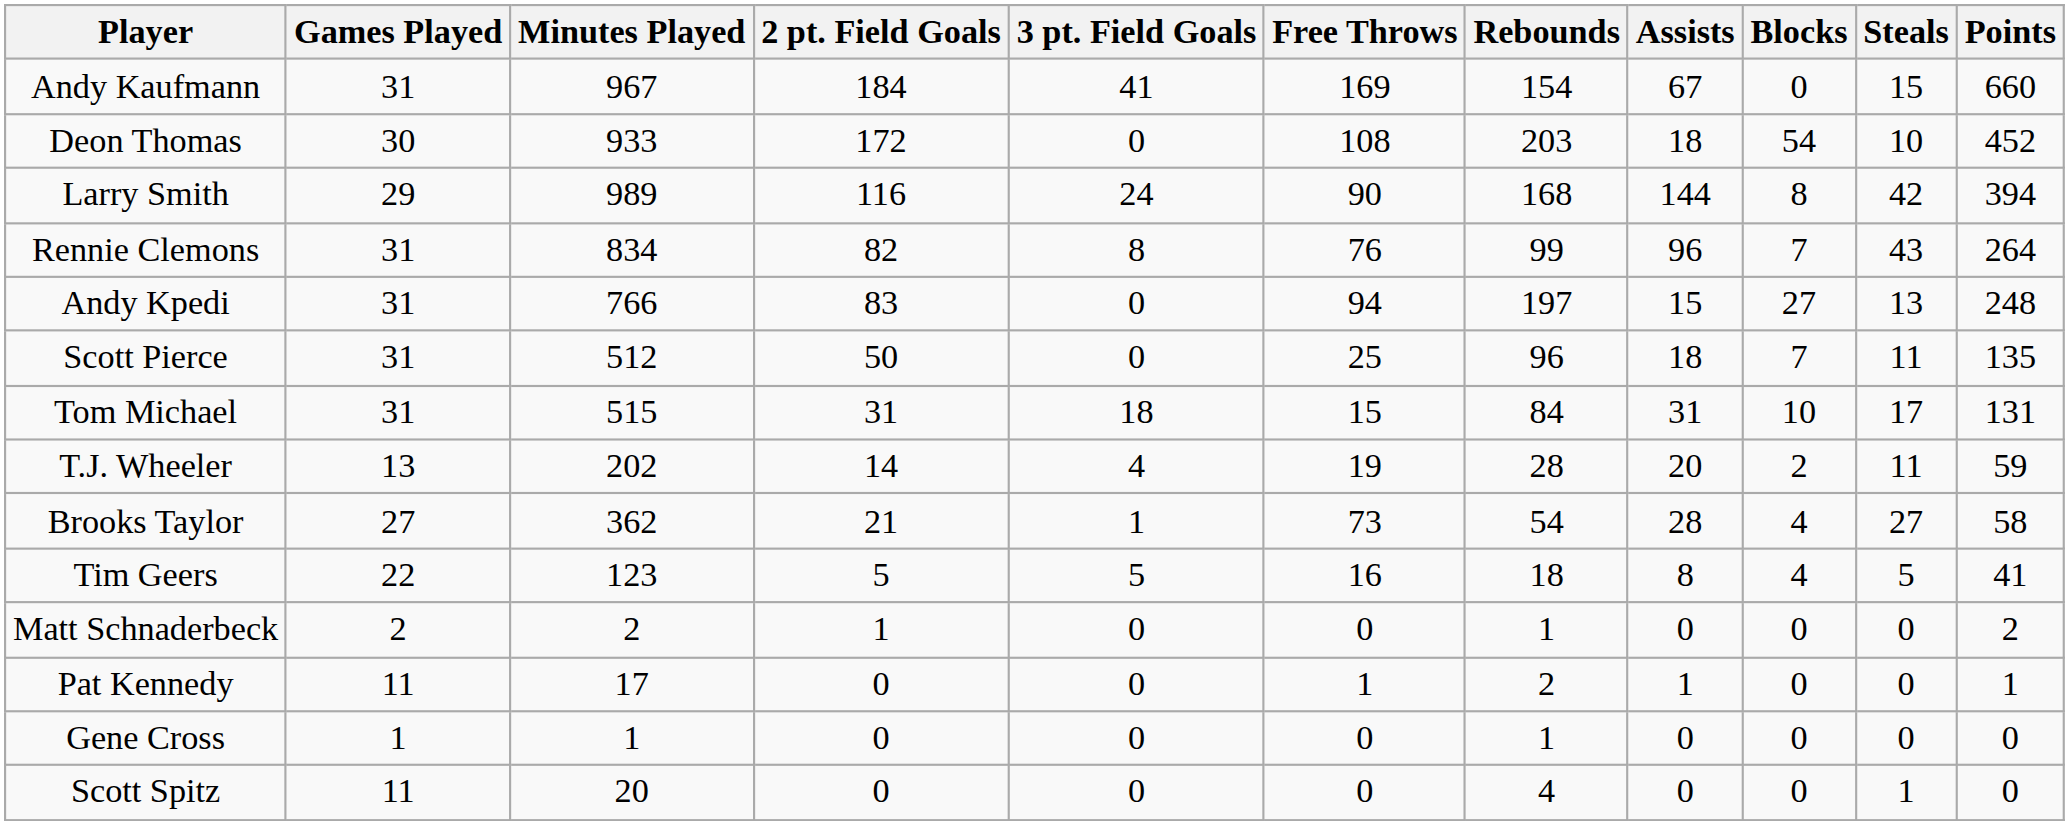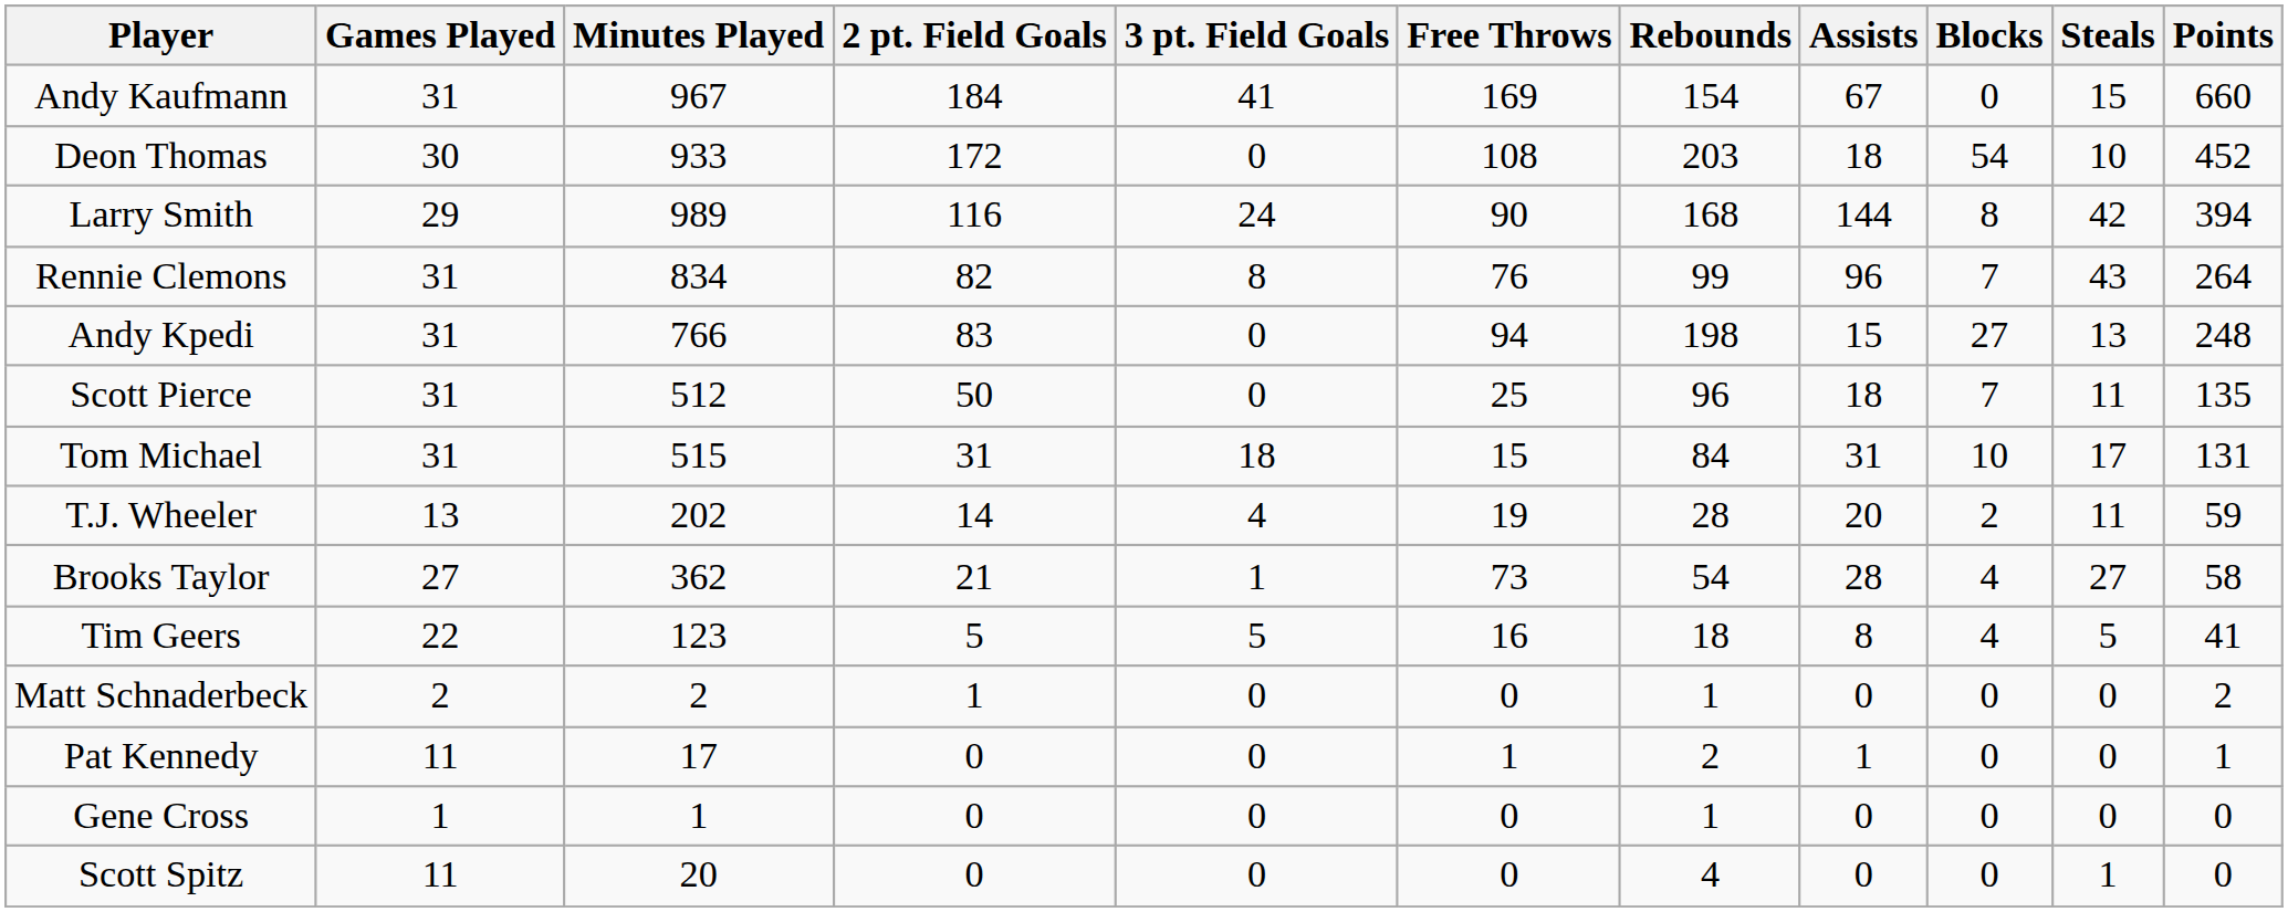 <table class="wikitable sortable" style="text-align:center">
 <tr>
 <th>Player</th>
 <th>Games Played</th>
 <th>Minutes Played</th>
 <th>2 pt. Field Goals</th>
 <th>3 pt. Field Goals</th>
 <th>Free Throws</th>
 <th>Rebounds</th>
 <th>Assists</th>
 <th>Blocks</th>
 <th>Steals</th>
 <th>Points</th>
 </tr>
 <tr align="center" bgcolor="">
 <td>Andy Kaufmann</td>
 <td>31</td>
 <td>967</td>
 <td>184</td>
 <td>41</td>
 <td>169</td>
 <td>154</td>
 <td>67</td>
 <td>0</td>
 <td>15</td>
 <td>660</td>
 </tr>
 <tr align="center" bgcolor="">
 <td>Deon Thomas </td>
 <td>30</td>
 <td>933</td>
 <td>172</td>
 <td>0</td>
 <td>108</td>
 <td>203</td>
 <td>18</td>
 <td>54</td>
 <td>10</td>
 <td>452</td>
 </tr>
 <tr align="center" bgcolor="">
 <td>Larry Smith</td>
 <td>29</td>
 <td>989</td>
 <td>116</td>
 <td>24</td>
 <td>90</td>
 <td>168</td>
 <td>144</td>
 <td>8</td>
 <td>42</td>
 <td>394</td>
 </tr>
 <tr align="center" bgcolor="">
 <td>Rennie Clemons</td>
 <td>31</td>
 <td>834</td>
 <td>82</td>
 <td>8</td>
 <td>76</td>
 <td>99</td>
 <td>96</td>
 <td>7</td>
 <td>43</td>
 <td>264</td>
 </tr>
 <tr align="center" bgcolor="">
 <td>Andy Kpedi</td>
 <td>31</td>
 <td>766</td>
 <td>83</td>
 <td>0</td>
 <td>94</td>
-<td>197</td>
+<td>198</td>
 <td>15</td>
 <td>27</td>
 <td>13</td>
 <td>248</td>
 </tr>
 <tr align="center" bgcolor="">
 <td>Scott Pierce</td>
 <td>31</td>
 <td>512</td>
 <td>50</td>
 <td>0</td>
 <td>25</td>
 <td>96</td>
 <td>18</td>
 <td>7</td>
 <td>11</td>
 <td>135</td>
 </tr>
 <tr align="center" bgcolor="">
 <td>Tom Michael</td>
 <td>31</td>
 <td>515</td>
 <td>31</td>
 <td>18</td>
 <td>15</td>
 <td>84</td>
 <td>31</td>
 <td>10</td>
 <td>17</td>
 <td>131</td>
 </tr>
 <tr align="center" bgcolor="">
 <td>T.J. Wheeler</td>
 <td>13</td>
 <td>202</td>
 <td>14</td>
 <td>4</td>
 <td>19</td>
 <td>28</td>
 <td>20</td>
 <td>2</td>
 <td>11</td>
 <td>59</td>
 </tr>
 <tr align="center" bgcolor="">
 <td>Brooks Taylor</td>
 <td>27</td>
 <td>362</td>
 <td>21</td>
 <td>1</td>
 <td>73</td>
 <td>54</td>
 <td>28</td>
 <td>4</td>
 <td>27</td>
 <td>58</td>
 </tr>
 <tr align="center" bgcolor="">
 <td>Tim Geers</td>
 <td>22</td>
 <td>123</td>
 <td>5</td>
 <td>5</td>
 <td>16</td>
 <td>18</td>
 <td>8</td>
 <td>4</td>
 <td>5</td>
 <td>41</td>
 </tr>
 <tr align="center" bgcolor="">
 <td>Matt Schnaderbeck</td>
 <td>2</td>
 <td>2</td>
 <td>1</td>
 <td>0</td>
 <td>0</td>
 <td>1</td>
 <td>0</td>
 <td>0</td>
 <td>0</td>
 <td>2</td>
 </tr>
 <tr align="center" bgcolor="">
 <td>Pat Kennedy</td>
 <td>11</td>
 <td>17</td>
 <td>0</td>
 <td>0</td>
 <td>1</td>
 <td>2</td>
 <td>1</td>
 <td>0</td>
 <td>0</td>
 <td>1</td>
 </tr>
 <tr align="center" bgcolor="">
 <td>Gene Cross</td>
 <td>1</td>
 <td>1</td>
 <td>0</td>
 <td>0</td>
 <td>0</td>
 <td>1</td>
 <td>0</td>
 <td>0</td>
 <td>0</td>
 <td>0</td>
 </tr>
 <tr align="center" bgcolor="">
 <td>Scott Spitz</td>
 <td>11</td>
 <td>20</td>
 <td>0</td>
 <td>0</td>
 <td>0</td>
 <td>4</td>
 <td>0</td>
 <td>0</td>
 <td>1</td>
 <td>0</td>
 </tr>
 <tr align="center" bgcolor="">
 </tr>
 </table>
